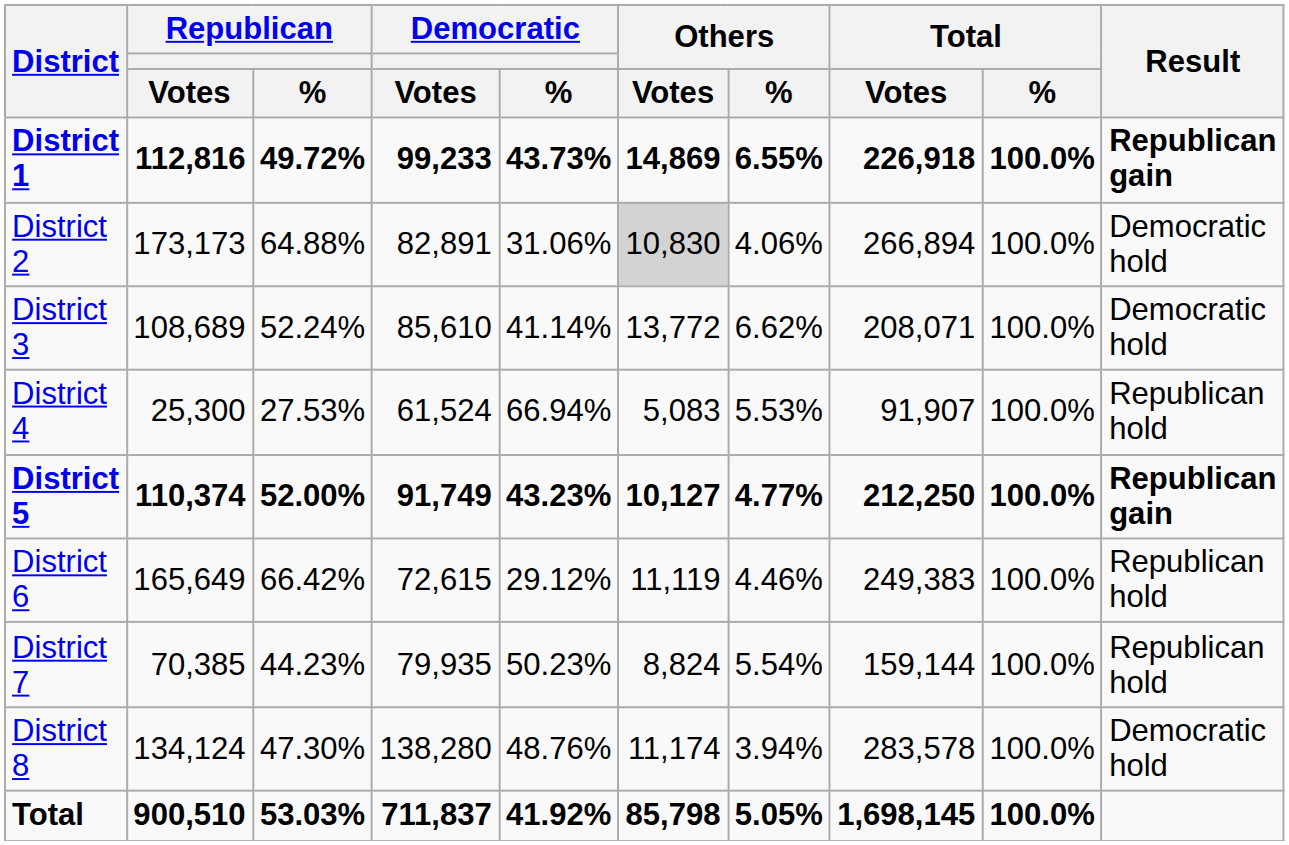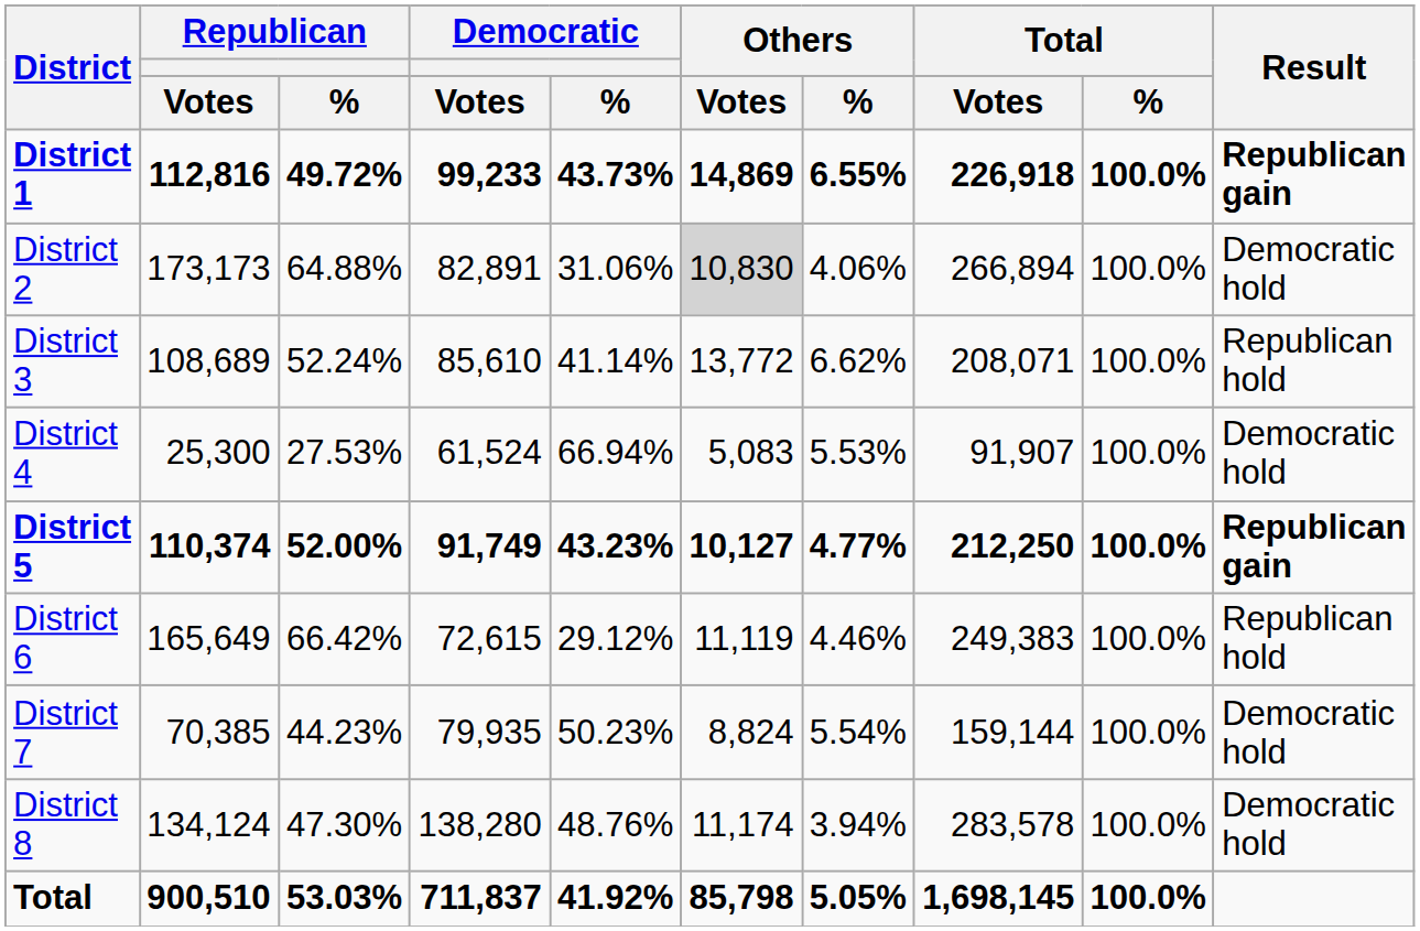 <table class="wikitable plainrowheaders sortable" style="font-size:100%; text-align:right;">
 <tr>
 <th scope=col rowspan=3><a href='#'>District</a></th>
 <th scope=col colspan=2><a href='#'>Republican</a></th>
 <th scope=col colspan=2><a href='#'>Democratic</a></th>
 <th scope=col colspan=2 rowspan=2>Others</th>
 <th scope=col colspan=2 rowspan=2>Total</th>
 <th scope=col rowspan=3>Result</th>
 </tr>
 <tr>
 <th scope=col colspan=2 style="background:"></th>
 <th scope=col colspan=2 style="background:"></th>
 </tr>
 <tr>
 <th scope=col data-sort-type="number">Votes</th>
 <th scope=col data-sort-type="number">%</th>
 <th scope=col data-sort-type="number">Votes</th>
 <th scope=col data-sort-type="number">%</th>
 <th scope=col data-sort-type="number">Votes</th>
 <th scope=col data-sort-type="number">%</th>
 <th scope=col data-sort-type="number">Votes</th>
 <th scope=col data-sort-type="number">%</th>
 </tr>
 <tr>
 <td align=left><strong><a href='#'>District 1</a></strong></td>
 <td><strong>112,816</strong></td>
 <td><strong>49.72%</strong></td>
 <td><strong>99,233</strong></td>
 <td><strong>43.73%</strong></td>
 <td><strong>14,869</strong></td>
 <td><strong>6.55%</strong></td>
 <td><strong>226,918</strong></td>
 <td><strong>100.0%</strong></td>
 <td align=left><strong>Republican gain</strong></td>
 </tr>
 <tr>
 <td align=left><a href='#'>District 2</a></td>
 <td>173,173</td>
 <td>64.88%</td>
 <td>82,891</td>
 <td>31.06%</td>
 <td style="background: lightgrey;">10,830</td>
 <td>4.06%</td>
 <td>266,894</td>
 <td>100.0%</td>
 <td align=left>Democratic hold</td>
 </tr>
 <tr>
 <td align=left><a href='#'>District 3</a></td>
 <td>108,689</td>
 <td>52.24%</td>
 <td>85,610</td>
 <td>41.14%</td>
 <td>13,772</td>
 <td>6.62%</td>
 <td>208,071</td>
 <td>100.0%</td>
-<td align=left>Democratic hold</td>
+<td align=left>Republican hold</td>
 </tr>
 <tr>
 <td align=left><a href='#'>District 4</a></td>
 <td>25,300</td>
 <td>27.53%</td>
 <td>61,524</td>
 <td>66.94%</td>
 <td>5,083</td>
 <td>5.53%</td>
 <td>91,907</td>
 <td>100.0%</td>
-<td align=left>Republican hold</td>
+<td align=left>Democratic hold</td>
 </tr>
 <tr>
 <td align=left><strong><a href='#'>District 5</a></strong></td>
 <td><strong>110,374</strong></td>
 <td><strong>52.00%</strong></td>
 <td><strong>91,749</strong></td>
 <td><strong>43.23%</strong></td>
 <td><strong>10,127</strong></td>
 <td><strong>4.77%</strong></td>
 <td><strong>212,250</strong></td>
 <td><strong>100.0%</strong></td>
 <td align=left><strong>Republican gain</strong></td>
 </tr>
 <tr>
 <td align=left><a href='#'>District 6</a></td>
 <td>165,649</td>
 <td>66.42%</td>
 <td>72,615</td>
 <td>29.12%</td>
 <td>11,119</td>
 <td>4.46%</td>
 <td>249,383</td>
 <td>100.0%</td>
 <td align=left>Republican hold</td>
 </tr>
 <tr>
 <td align=left><a href='#'>District 7</a></td>
 <td>70,385</td>
 <td>44.23%</td>
 <td>79,935</td>
 <td>50.23%</td>
 <td>8,824</td>
 <td>5.54%</td>
 <td>159,144</td>
 <td>100.0%</td>
-<td align=left>Republican hold</td>
+<td align=left>Democratic hold</td>
 </tr>
 <tr>
 <td align=left><a href='#'>District 8</a></td>
 <td>134,124</td>
 <td>47.30%</td>
 <td>138,280</td>
 <td>48.76%</td>
 <td>11,174</td>
 <td>3.94%</td>
 <td>283,578</td>
 <td>100.0%</td>
 <td align=left>Democratic hold</td>
 </tr>
 <tr class="sortbottom" style="font-weight:bold">
 <td align=left>Total</td>
 <td>900,510</td>
 <td>53.03%</td>
 <td>711,837</td>
 <td>41.92%</td>
 <td>85,798</td>
 <td>5.05%</td>
 <td>1,698,145</td>
 <td>100.0%</td>
 <td></td>
 </tr>
 </table>
